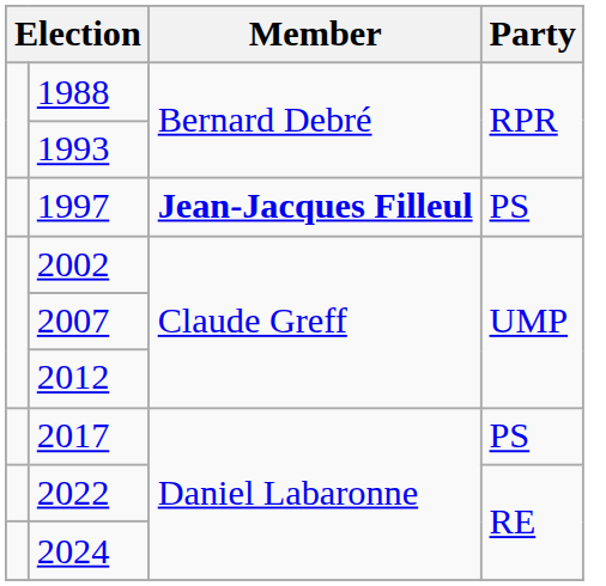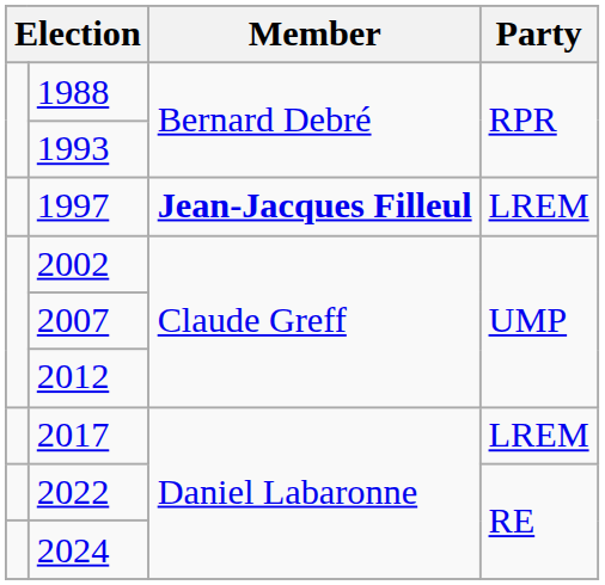 <table class="wikitable">
 <tr>
 <th colspan="2">Election</th>
 <th>Member</th>
 <th>Party</th>
 </tr>
 <tr>
 <td rowspan="2" style="color:inherit;background-color:"></td>
 <td><a href='#'>1988</a></td>
 <td rowspan="2"><a href='#'>Bernard Debré</a></td>
 <td rowspan="2"><a href='#'>RPR</a></td>
 </tr>
 <tr>
 <td><a href='#'>1993</a></td>
 </tr>
 <tr>
 <td style="color:inherit;background-color:"></td>
 <td><a href='#'>1997</a></td>
 <td><strong><a href='#'>Jean-Jacques Filleul</a></strong></td>
-<td><a href='#'>PS</a></td>
+<td><a href='#'>LREM</a></td>
 </tr>
 <tr>
 <td rowspan="3" style="color:inherit;background-color:"></td>
 <td><a href='#'>2002</a></td>
 <td rowspan="3"><a href='#'>Claude Greff</a></td>
 <td rowspan="3"><a href='#'>UMP</a></td>
 </tr>
 <tr>
 <td><a href='#'>2007</a></td>
 </tr>
 <tr>
 <td><a href='#'>2012</a></td>
 </tr>
 <tr>
 <td style="color:inherit;background-color: "></td>
 <td><a href='#'>2017</a></td>
 <td rowspan="3"><a href='#'>Daniel Labaronne</a></td>
-<td><a href='#'>PS</a></td>
+<td><a href='#'>LREM</a></td>
 </tr>
 <tr>
 <td style="color:inherit;background-color: "></td>
 <td><a href='#'>2022</a></td>
 <td rowspan="2"><a href='#'>RE</a></td>
 </tr>
 <tr>
 <td style="color:inherit;background-color: "></td>
 <td><a href='#'>2024</a></td>
 </tr>
 </table>
